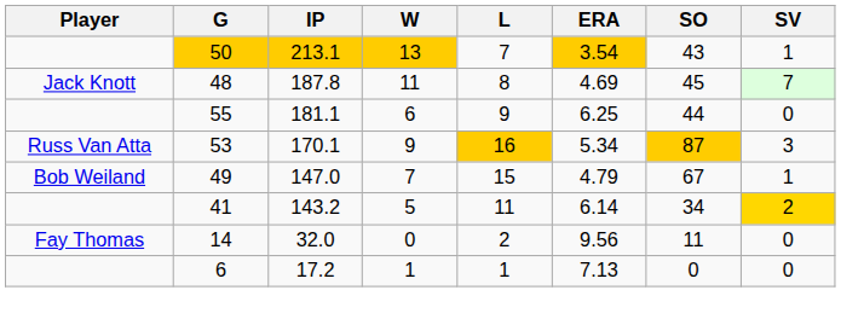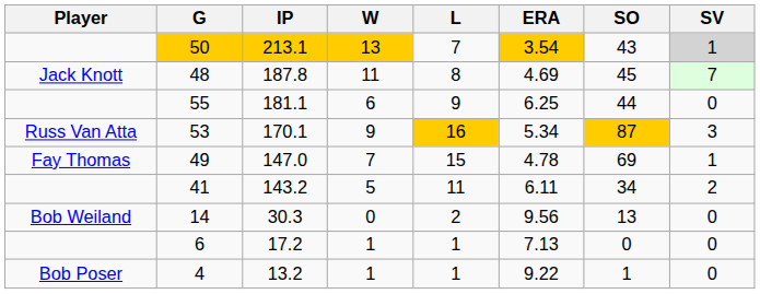 <table class="wikitable sortable">
 <tr>
 <th bgcolor="#DDDDFF" width="16%">Player</th>
 <th bgcolor="#DDDDFF" width="9%">G</th>
 <th bgcolor="#DDDDFF" width="9%">IP</th>
 <th bgcolor="#DDDDFF" width="9%">W</th>
 <th bgcolor="#DDDDFF" width="9%">L</th>
 <th bgcolor="#DDDDFF" width="9%">ERA</th>
 <th bgcolor="#DDDDFF" width="9%">SO</th>
 <th bgcolor="#DDDDFF" width="9%">SV</th>
 </tr>
 <tr align="center">
 <td></td>
 <td style="background:#fc0;">50</td>
 <td style="background:#fc0;">213.1</td>
 <td style="background:#fc0;">13</td>
 <td>7</td>
 <td style="background:#fc0;">3.54</td>
 <td>43</td>
-<td>1</td>
+<td style="background: lightgrey;">1</td>
 </tr>
 <tr align="center">
 <td><a href='#'>Jack Knott</a></td>
 <td>48</td>
 <td>187.8</td>
 <td>11</td>
 <td>8</td>
 <td>4.69</td>
 <td>45</td>
 <td style="background:#DDFFDD;">7</td>
 </tr>
 <tr align="center">
 <td></td>
 <td>55</td>
 <td>181.1</td>
 <td>6</td>
 <td>9</td>
 <td>6.25</td>
 <td>44</td>
 <td>0</td>
 </tr>
 <tr align="center">
 <td><a href='#'>Russ Van Atta</a></td>
 <td>53</td>
 <td>170.1</td>
 <td>9</td>
 <td style="background:#fc0;">16</td>
 <td>5.34</td>
 <td style="background:#fc0;">87</td>
 <td>3</td>
 </tr>
 <tr align="center">
-<td><a href='#'>Bob Weiland</a></td>
+<td><a href='#'>Fay Thomas</a></td>
 <td>49</td>
 <td>147.0</td>
 <td>7</td>
 <td>15</td>
-<td>4.79</td>
-<td>67</td>
+<td>4.78</td>
+<td>69</td>
 <td>1</td>
 </tr>
 <tr align="center">
 <td></td>
 <td>41</td>
 <td>143.2</td>
 <td>5</td>
 <td>11</td>
-<td>6.14</td>
+<td>6.11</td>
 <td>34</td>
-<td style="background: gold;">2</td>
+<td>2</td>
 </tr>
 <tr align="center">
-<td><a href='#'>Fay Thomas</a></td>
+<td><a href='#'>Bob Weiland</a></td>
 <td>14</td>
-<td>32.0</td>
+<td>30.3</td>
 <td>0</td>
 <td>2</td>
 <td>9.56</td>
-<td>11</td>
+<td>13</td>
 <td>0</td>
 </tr>
 <tr align="center">
 <td></td>
 <td>6</td>
 <td>17.2</td>
 <td>1</td>
 <td>1</td>
 <td>7.13</td>
 <td>0</td>
 <td>0</td>
 </tr>
+<tr align="center">
+<td><a href='#'>Bob Poser</a></td>
+<td>4</td>
+<td>13.2</td>
+<td>1</td>
+<td>1</td>
+<td>9.22</td>
+<td>1</td>
+<td>0</td>
+</tr>
 </table>
